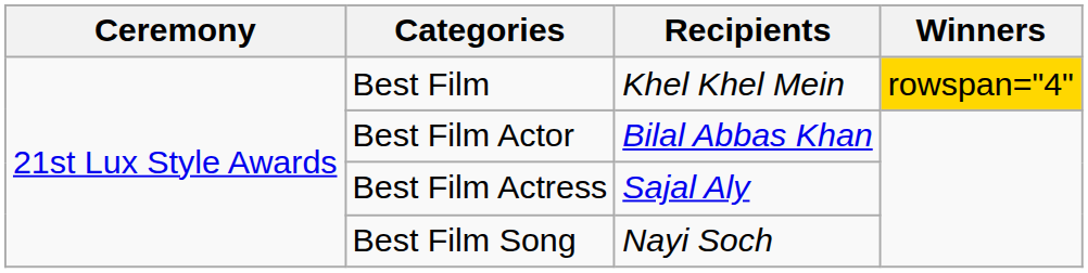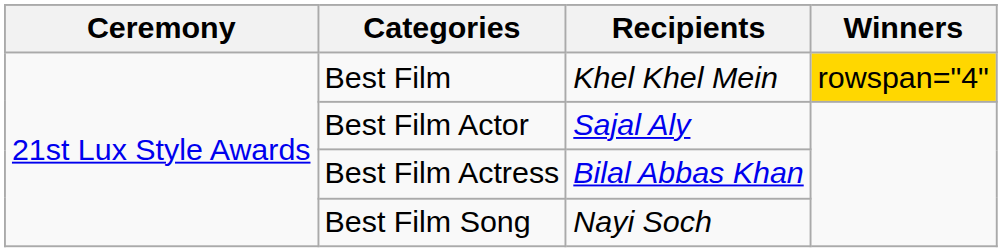 <table class="wikitable style">
 <tr>
 <th>Ceremony</th>
 <th>Categories</th>
 <th>Recipients</th>
 <th>Winners</th>
 </tr>
 <tr>
 <td rowspan="4"><a href='#'>21st Lux Style Awards</a></td>
 <td>Best Film</td>
 <td><em>Khel Khel Mein</em></td>
 <td style="background: gold;">rowspan="4" </td>
 </tr>
 <tr>
 <td>Best Film Actor</td>
-<td><em><a href='#'>Bilal Abbas Khan</a></em></td>
+<td><em><a href='#'>Sajal Aly</a></em></td>
 </tr>
 <tr>
 <td>Best Film Actress</td>
-<td><em><a href='#'>Sajal Aly</a></em></td>
+<td><em><a href='#'>Bilal Abbas Khan</a></em></td>
 </tr>
 <tr>
 <td>Best Film Song</td>
 <td><em>Nayi Soch</em></td>
 </tr>
 </table>
